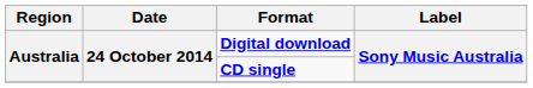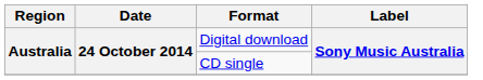 <table class="wikitable plainrowheaders">
 <tr>
 <th scope="col">Region</th>
 <th scope="col">Date</th>
 <th scope="col">Format</th>
 <th scope="col">Label</th>
 </tr>
 <tr>
 <th scope="row" rowspan="2">Australia</th>
 <th scope="row" rowspan="2">24 October 2014</th>
-<td><strong><a href='#'>Digital download</a></strong></td>
+<td><a href='#'>Digital download</a></td>
 <th scope="row" rowspan="2"><a href='#'>Sony Music Australia</a></th>
 </tr>
 <tr>
-<td><strong><a href='#'>CD single</a></strong></td>
+<td><a href='#'>CD single</a></td>
 </tr>
 <tr>
 </tr>
 </table>
